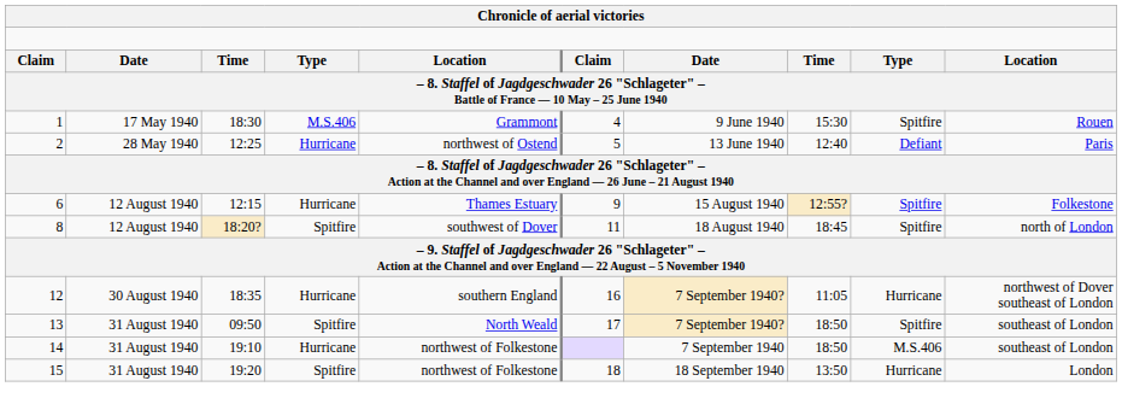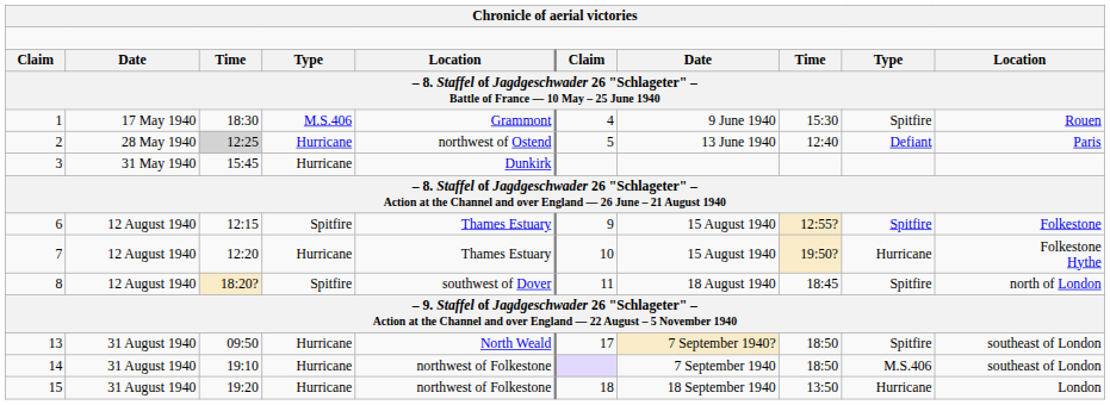 <table class="wikitable plainrowheaders collapsible" style="margin-left: auto; margin-right: auto; border: none; text-align:right; width: 100%;">
 <tr>
 <th colspan="10">Chronicle of aerial victories</th>
 </tr>
 <tr>
 <td colspan="10" style="text-align: left;"><br> </td>
 </tr>
 <tr>
 <th scope="col">Claim</th>
 <th scope="col">Date</th>
 <th scope="col">Time</th>
 <th scope="col" width="100px">Type</th>
 <th scope="col">Location</th>
 <th scope="col" style="border-left: 3px solid grey;">Claim</th>
 <th scope="col">Date</th>
 <th scope="col">Time</th>
 <th scope="col" width="100px">Type</th>
 <th scope="col">Location</th>
 </tr>
 <tr>
 <th colspan="10">– 8. <em>Staffel</em> of <em>Jagdgeschwader</em> 26 "Schlageter" –<br><small>Battle of France — 10 May – 25 June 1940</small></th>
 </tr>
 <tr>
 <td>1</td>
 <td>17 May 1940</td>
 <td>18:30</td>
 <td><a href='#'>M.S.406</a></td>
 <td><a href='#'>Grammont</a></td>
 <td style="border-left: 3px solid grey;">4</td>
 <td>9 June 1940</td>
 <td>15:30</td>
 <td>Spitfire</td>
 <td><a href='#'>Rouen</a></td>
 </tr>
 <tr>
 <td>2</td>
 <td>28 May 1940</td>
-<td>12:25</td>
+<td style="background: lightgrey;">12:25</td>
 <td><a href='#'>Hurricane</a></td>
 <td>northwest of <a href='#'>Ostend</a></td>
 <td style="border-left: 3px solid grey;">5</td>
 <td>13 June 1940</td>
 <td>12:40</td>
 <td><a href='#'>Defiant</a></td>
 <td><a href='#'>Paris</a></td>
 </tr>
 <tr>
+<td>3</td>
+<td>31 May 1940</td>
+<td>15:45</td>
+<td>Hurricane</td>
+<td><a href='#'>Dunkirk</a></td>
+<td style="border-left: 3px solid grey;"></td>
+<td></td>
+<td></td>
+<td></td>
+<td></td>
+</tr>
+<tr>
 <th colspan="10">– 8. <em>Staffel</em> of <em>Jagdgeschwader</em> 26 "Schlageter" –<br><small>Action at the Channel and over England — 26 June – 21 August 1940</small></th>
 </tr>
 <tr>
 <td>6</td>
 <td>12 August 1940</td>
 <td>12:15</td>
-<td>Hurricane</td>
+<td>Spitfire</td>
 <td><a href='#'>Thames Estuary</a></td>
 <td style="border-left: 3px solid grey;">9</td>
 <td>15 August 1940</td>
 <td style="background:#faecc8">12:55?</td>
 <td><a href='#'>Spitfire</a></td>
 <td><a href='#'>Folkestone</a></td>
+</tr>
+<tr>
+<td>7</td>
+<td>12 August 1940</td>
+<td>12:20</td>
+<td>Hurricane</td>
+<td>Thames Estuary</td>
+<td style="border-left: 3px solid grey;">10</td>
+<td>15 August 1940</td>
+<td style="background:#faecc8">19:50?</td>
+<td>Hurricane</td>
+<td>Folkestone<br><a href='#'>Hythe</a></td>
 </tr>
 <tr>
 <td>8</td>
 <td>12 August 1940</td>
 <td style="background:#faecc8">18:20?</td>
 <td>Spitfire</td>
 <td>southwest of <a href='#'>Dover</a></td>
 <td style="border-left: 3px solid grey;">11</td>
 <td>18 August 1940</td>
 <td>18:45</td>
 <td>Spitfire</td>
 <td>north of <a href='#'>London</a></td>
 </tr>
 <tr>
 <th colspan="10">– 9. <em>Staffel</em> of <em>Jagdgeschwader</em> 26 "Schlageter" –<br><small>Action at the Channel and over England — 22 August – 5 November 1940</small></th>
 </tr>
 <tr>
-<td>12</td>
-<td>30 August 1940</td>
-<td>18:35</td>
-<td>Hurricane</td>
-<td>southern England</td>
-<td style="border-left: 3px solid grey;">16</td>
-<td style="background:#faecc8">7 September 1940?</td>
-<td>11:05</td>
-<td>Hurricane</td>
-<td>northwest of Dover<br>southeast of London</td>
-</tr>
-<tr>
 <td>13</td>
 <td>31 August 1940</td>
 <td>09:50</td>
-<td>Spitfire</td>
+<td>Hurricane</td>
 <td><a href='#'>North Weald</a></td>
 <td style="border-left: 3px solid grey;">17</td>
 <td style="background:#faecc8">7 September 1940?</td>
 <td>18:50</td>
 <td>Spitfire</td>
 <td>southeast of London</td>
 </tr>
 <tr>
 <td>14</td>
 <td>31 August 1940</td>
 <td>19:10</td>
 <td>Hurricane</td>
 <td>northwest of Folkestone</td>
 <td style="border-left: 3px solid grey; background:#e3d9ff;"></td>
 <td>7 September 1940</td>
 <td>18:50</td>
 <td>M.S.406</td>
 <td>southeast of London</td>
 </tr>
 <tr>
 <td>15</td>
 <td>31 August 1940</td>
 <td>19:20</td>
-<td>Spitfire</td>
+<td>Hurricane</td>
 <td>northwest of Folkestone</td>
 <td style="border-left: 3px solid grey;">18</td>
 <td>18 September 1940</td>
 <td>13:50</td>
 <td>Hurricane</td>
 <td>London</td>
 </tr>
 </table>
